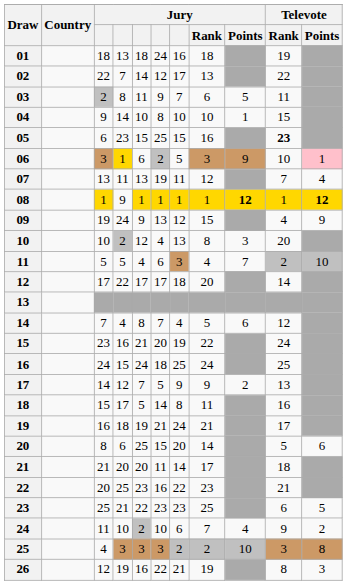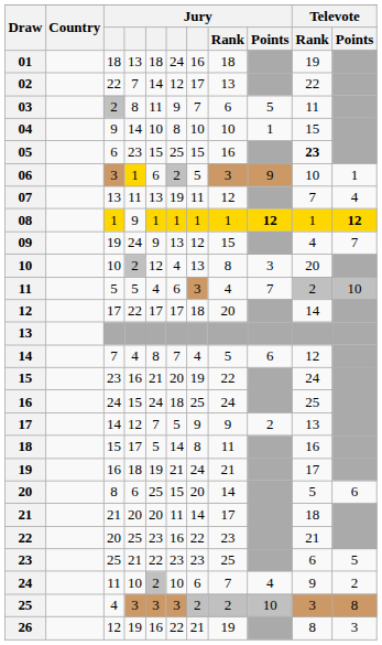 <table class="sortable wikitable collapsible plainrowheaders" style="text-align:center;">
 <tr>
 </tr>
 <tr>
 <th scope="col" rowspan="2">Draw</th>
 <th scope="col" rowspan="2">Country</th>
 <th scope="col" colspan="7">Jury</th>
 <th scope="col" colspan="2">Televote</th>
 </tr>
 <tr>
 <th scope="col"><small></small></th>
 <th scope="col"><small></small></th>
 <th scope="col"><small></small></th>
 <th scope="col"><small></small></th>
 <th scope="col"><small></small></th>
 <th scope="col">Rank</th>
 <th scope="col">Points</th>
 <th scope="col">Rank</th>
 <th scope="col">Points</th>
 </tr>
 <tr>
 <th scope="row" style="text-align:center;">01</th>
 <td style="text-align:left;"></td>
 <td>18</td>
 <td>13</td>
 <td>18</td>
 <td>24</td>
 <td>16</td>
 <td>18</td>
 <td style="background:#AAAAAA;"></td>
 <td>19</td>
 <td style="background:#AAAAAA;"></td>
 </tr>
 <tr>
 <th scope="row" style="text-align:center;">02</th>
 <td style="text-align:left;"></td>
 <td>22</td>
 <td>7</td>
 <td>14</td>
 <td>12</td>
 <td>17</td>
 <td>13</td>
 <td style="background:#AAAAAA;"></td>
 <td>22</td>
 <td style="background:#AAAAAA;"></td>
 </tr>
 <tr>
 <th scope="row" style="text-align:center;">03</th>
 <td style="text-align:left;"></td>
 <td style="background:silver;">2</td>
 <td>8</td>
 <td>11</td>
 <td>9</td>
 <td>7</td>
 <td>6</td>
 <td>5</td>
 <td>11</td>
 <td style="background:#AAAAAA;"></td>
 </tr>
 <tr>
 <th scope="row" style="text-align:center;">04</th>
 <td style="text-align:left;"></td>
 <td>9</td>
 <td>14</td>
 <td>10</td>
 <td>8</td>
 <td>10</td>
 <td>10</td>
 <td>1</td>
 <td>15</td>
 <td style="background:#AAAAAA;"></td>
 </tr>
 <tr>
 <th scope="row" style="text-align:center;">05</th>
 <td style="text-align:left;"></td>
 <td>6</td>
 <td>23</td>
 <td>15</td>
 <td>25</td>
 <td>15</td>
 <td>16</td>
 <td style="background:#AAAAAA;"></td>
 <td><strong>23</strong></td>
 <td style="background:#AAAAAA;"></td>
 </tr>
 <tr>
 <th scope="row" style="text-align:center;">06</th>
 <td style="text-align:left;"></td>
 <td style="background:#CC9966;">3</td>
 <td style="background:gold;">1</td>
 <td>6</td>
 <td style="background:silver;">2</td>
 <td>5</td>
 <td style="background:#CC9966;">3</td>
 <td style="background:#CC9966;">9</td>
 <td>10</td>
-<td style="background: pink;">1</td>
+<td>1</td>
 </tr>
 <tr>
 <th scope="row" style="text-align:center;">07</th>
 <td style="text-align:left;"></td>
 <td>13</td>
 <td>11</td>
 <td>13</td>
 <td>19</td>
 <td>11</td>
 <td>12</td>
 <td style="background:#AAAAAA;"></td>
 <td>7</td>
 <td>4</td>
 </tr>
 <tr>
 <th scope="row" style="text-align:center;">08</th>
 <td style="text-align:left;"></td>
 <td style="background:gold;">1</td>
 <td>9</td>
 <td style="background:gold;">1</td>
 <td style="background:gold;">1</td>
 <td style="background:gold;">1</td>
 <td style="background:gold;">1</td>
 <td style="background:gold;"><strong>12</strong></td>
 <td style="background:gold;">1</td>
 <td style="background:gold;"><strong>12</strong></td>
 </tr>
 <tr>
 <th scope="row" style="text-align:center;">09</th>
 <td style="text-align:left;"></td>
 <td>19</td>
 <td>24</td>
 <td>9</td>
 <td>13</td>
 <td>12</td>
 <td>15</td>
 <td style="background:#AAAAAA;"></td>
 <td>4</td>
-<td>9</td>
+<td>7</td>
 </tr>
 <tr>
 <th scope="row" style="text-align:center;">10</th>
 <td style="text-align:left;"></td>
 <td>10</td>
 <td style="background:silver;">2</td>
 <td>12</td>
 <td>4</td>
 <td>13</td>
 <td>8</td>
 <td>3</td>
 <td>20</td>
 <td style="background:#AAAAAA;"></td>
 </tr>
 <tr>
 <th scope="row" style="text-align:center;">11</th>
 <td style="text-align:left;"></td>
 <td>5</td>
 <td>5</td>
 <td>4</td>
 <td>6</td>
 <td style="background:#CC9966;">3</td>
 <td>4</td>
 <td>7</td>
 <td style="background:silver;">2</td>
 <td style="background:silver;">10</td>
 </tr>
 <tr>
 <th scope="row" style="text-align:center;">12</th>
 <td style="text-align:left;"></td>
 <td>17</td>
 <td>22</td>
 <td>17</td>
 <td>17</td>
 <td>18</td>
 <td>20</td>
 <td style="background:#AAAAAA;"></td>
 <td>14</td>
 <td style="background:#AAAAAA;"></td>
 </tr>
 <tr class="sortbottom">
 <th scope="row" style="text-align:center;">13</th>
 <td style="text-align:left;"></td>
 <td style="background:#AAAAAA;"></td>
 <td style="background:#AAAAAA;"></td>
 <td style="background:#AAAAAA;"></td>
 <td style="background:#AAAAAA;"></td>
 <td style="background:#AAAAAA;"></td>
 <td style="background:#AAAAAA;"></td>
 <td style="background:#AAAAAA;"></td>
 <td style="background:#AAAAAA;"></td>
 <td style="background:#AAAAAA;"></td>
 </tr>
 <tr>
 <th scope="row" style="text-align:center;">14</th>
 <td style="text-align:left;"></td>
 <td>7</td>
 <td>4</td>
 <td>8</td>
 <td>7</td>
 <td>4</td>
 <td>5</td>
 <td>6</td>
 <td>12</td>
 <td style="background:#AAAAAA;"></td>
 </tr>
 <tr>
 <th scope="row" style="text-align:center;">15</th>
 <td style="text-align:left;"></td>
 <td>23</td>
 <td>16</td>
 <td>21</td>
 <td>20</td>
 <td>19</td>
 <td>22</td>
 <td style="background:#AAAAAA;"></td>
 <td>24</td>
 <td style="background:#AAAAAA;"></td>
 </tr>
 <tr>
 <th scope="row" style="text-align:center;">16</th>
 <td style="text-align:left;"></td>
 <td>24</td>
 <td>15</td>
 <td>24</td>
 <td>18</td>
 <td>25</td>
 <td>24</td>
 <td style="background:#AAAAAA;"></td>
 <td>25</td>
 <td style="background:#AAAAAA;"></td>
 </tr>
 <tr>
 <th scope="row" style="text-align:center;">17</th>
 <td style="text-align:left;"></td>
 <td>14</td>
 <td>12</td>
 <td>7</td>
 <td>5</td>
 <td>9</td>
 <td>9</td>
 <td>2</td>
 <td>13</td>
 <td style="background:#AAAAAA;"></td>
 </tr>
 <tr>
 <th scope="row" style="text-align:center;">18</th>
 <td style="text-align:left;"></td>
 <td>15</td>
 <td>17</td>
 <td>5</td>
 <td>14</td>
 <td>8</td>
 <td>11</td>
 <td style="background:#AAAAAA;"></td>
 <td>16</td>
 <td style="background:#AAAAAA;"></td>
 </tr>
 <tr>
 <th scope="row" style="text-align:center;">19</th>
 <td style="text-align:left;"></td>
 <td>16</td>
 <td>18</td>
 <td>19</td>
 <td>21</td>
 <td>24</td>
 <td>21</td>
 <td style="background:#AAAAAA;"></td>
 <td>17</td>
 <td style="background:#AAAAAA;"></td>
 </tr>
 <tr>
 <th scope="row" style="text-align:center;">20</th>
 <td style="text-align:left;"></td>
 <td>8</td>
 <td>6</td>
 <td>25</td>
 <td>15</td>
 <td>20</td>
 <td>14</td>
 <td style="background:#AAAAAA;"></td>
 <td>5</td>
 <td>6</td>
 </tr>
 <tr>
 <th scope="row" style="text-align:center;">21</th>
 <td style="text-align:left;"></td>
 <td>21</td>
 <td>20</td>
 <td>20</td>
 <td>11</td>
 <td>14</td>
 <td>17</td>
 <td style="background:#AAAAAA;"></td>
 <td>18</td>
 <td style="background:#AAAAAA;"></td>
 </tr>
 <tr>
 <th scope="row" style="text-align:center;">22</th>
 <td style="text-align:left;"></td>
 <td>20</td>
 <td>25</td>
 <td>23</td>
 <td>16</td>
 <td>22</td>
 <td>23</td>
 <td style="background:#AAAAAA;"></td>
 <td>21</td>
 <td style="background:#AAAAAA;"></td>
 </tr>
 <tr>
 <th scope="row" style="text-align:center;">23</th>
 <td style="text-align:left;"></td>
 <td>25</td>
 <td>21</td>
 <td>22</td>
 <td>23</td>
 <td>23</td>
 <td>25</td>
 <td style="background:#AAAAAA;"></td>
 <td>6</td>
 <td>5</td>
 </tr>
 <tr>
 <th scope="row" style="text-align:center;">24</th>
 <td style="text-align:left;"></td>
 <td>11</td>
 <td>10</td>
 <td style="background:silver;">2</td>
 <td>10</td>
 <td>6</td>
 <td>7</td>
 <td>4</td>
 <td>9</td>
 <td>2</td>
 </tr>
 <tr>
 <th scope="row" style="text-align:center;">25</th>
 <td style="text-align:left;"></td>
 <td>4</td>
 <td style="background:#CC9966;">3</td>
 <td style="background:#CC9966;">3</td>
 <td style="background:#CC9966;">3</td>
 <td style="background:silver;">2</td>
 <td style="background:silver;">2</td>
 <td style="background:silver;">10</td>
 <td style="background:#CC9966;">3</td>
 <td style="background:#CC9966;">8</td>
 </tr>
 <tr>
 <th scope="row" style="text-align:center;">26</th>
 <td style="text-align:left;"></td>
 <td>12</td>
 <td>19</td>
 <td>16</td>
 <td>22</td>
 <td>21</td>
 <td>19</td>
 <td style="background:#AAAAAA;"></td>
 <td>8</td>
 <td>3</td>
 </tr>
 </table>
